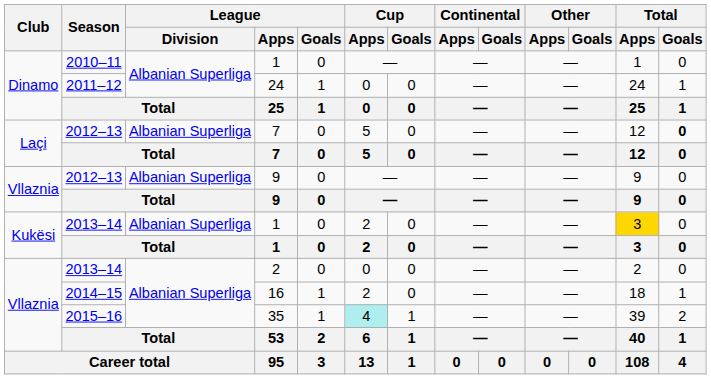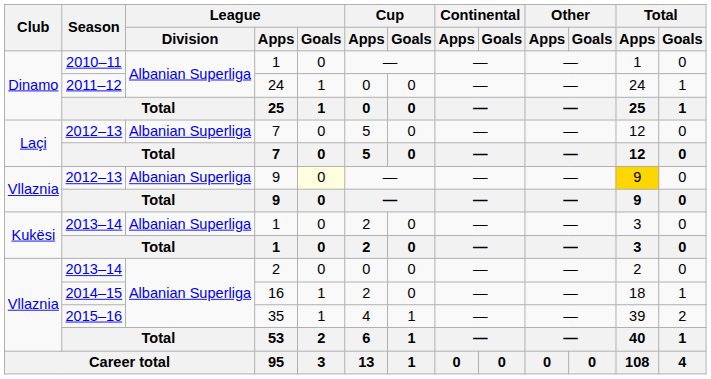 <table class="wikitable" style="text-align:center">
 <tr>
 <th rowspan="2">Club</th>
 <th rowspan="2">Season</th>
 <th colspan="3">League</th>
 <th colspan="2">Cup</th>
 <th colspan="2">Continental</th>
 <th colspan="2">Other</th>
 <th colspan="2">Total</th>
 </tr>
 <tr>
 <th>Division</th>
 <th>Apps</th>
 <th>Goals</th>
 <th>Apps</th>
 <th>Goals</th>
 <th>Apps</th>
 <th>Goals</th>
 <th>Apps</th>
 <th>Goals</th>
 <th>Apps</th>
 <th>Goals</th>
 </tr>
 <tr>
 <td rowspan="3"><a href='#'>Dinamo</a></td>
 <td><a href='#'>2010–11</a></td>
 <td rowspan="2"><a href='#'>Albanian Superliga</a></td>
 <td>1</td>
 <td>0</td>
 <td colspan="2">—</td>
 <td colspan="2">—</td>
 <td colspan="2">—</td>
 <td>1</td>
 <td>0</td>
 </tr>
 <tr>
 <td><a href='#'>2011–12</a></td>
 <td>24</td>
 <td>1</td>
 <td>0</td>
 <td>0</td>
 <td colspan="2">—</td>
 <td colspan="2">—</td>
 <td>24</td>
 <td>1</td>
 </tr>
 <tr>
 <th colspan="2">Total</th>
 <th>25</th>
 <th>1</th>
 <th>0</th>
 <th>0</th>
 <th colspan="2">—</th>
 <th colspan="2">—</th>
 <th>25</th>
 <th>1</th>
 </tr>
 <tr>
 <td rowspan="2"><a href='#'>Laçi</a></td>
 <td><a href='#'>2012–13</a></td>
 <td rowspan="1"><a href='#'>Albanian Superliga</a></td>
 <td>7</td>
 <td>0</td>
 <td>5</td>
 <td>0</td>
 <td colspan="2">—</td>
 <td colspan="2">—</td>
 <td>12</td>
-<td><strong>0</strong></td>
+<td>0</td>
 </tr>
 <tr>
 <th colspan="2">Total</th>
 <th>7</th>
 <th>0</th>
 <th>5</th>
 <th>0</th>
 <th colspan="2">—</th>
 <th colspan="2">—</th>
 <th>12</th>
 <th>0</th>
 </tr>
 <tr>
 <td rowspan="2"><a href='#'>Vllaznia</a></td>
 <td><a href='#'>2012–13</a></td>
 <td rowspan="1"><a href='#'>Albanian Superliga</a></td>
 <td>9</td>
-<td>0</td>
+<td style="background: lightyellow;">0</td>
 <td colspan="2">—</td>
 <td colspan="2">—</td>
 <td colspan="2">—</td>
-<td>9</td>
+<td style="background: gold;">9</td>
 <td>0</td>
 </tr>
 <tr>
 <th colspan="2">Total</th>
 <th>9</th>
 <th>0</th>
 <th colspan="2">—</th>
 <th colspan="2">—</th>
 <th colspan="2">—</th>
 <th>9</th>
 <th>0</th>
 </tr>
 <tr>
 <td rowspan="2"><a href='#'>Kukësi</a></td>
 <td><a href='#'>2013–14</a></td>
 <td rowspan="1"><a href='#'>Albanian Superliga</a></td>
 <td>1</td>
 <td>0</td>
 <td>2</td>
 <td>0</td>
 <td colspan="2">—</td>
 <td colspan="2">—</td>
-<td style="background: gold;">3</td>
+<td>3</td>
 <td>0</td>
 </tr>
 <tr>
 <th colspan="2">Total</th>
 <th>1</th>
 <th>0</th>
 <th>2</th>
 <th>0</th>
 <th colspan="2">—</th>
 <th colspan="2">—</th>
 <th>3</th>
 <th>0</th>
 </tr>
 <tr>
 <td rowspan="4"><a href='#'>Vllaznia</a></td>
 <td><a href='#'>2013–14</a></td>
 <td rowspan="3"><a href='#'>Albanian Superliga</a></td>
 <td>2</td>
 <td>0</td>
 <td>0</td>
 <td>0</td>
 <td colspan="2">—</td>
 <td colspan="2">—</td>
 <td>2</td>
 <td>0</td>
 </tr>
 <tr>
 <td><a href='#'>2014–15</a></td>
 <td>16</td>
 <td>1</td>
 <td>2</td>
 <td>0</td>
 <td colspan="2">—</td>
 <td colspan="2">—</td>
 <td>18</td>
 <td>1</td>
 </tr>
 <tr>
 <td><a href='#'>2015–16</a></td>
 <td>35</td>
 <td>1</td>
-<td style="background: paleturquoise;">4</td>
+<td>4</td>
 <td>1</td>
 <td colspan="2">—</td>
 <td colspan="2">—</td>
 <td>39</td>
 <td>2</td>
 </tr>
 <tr>
 <th colspan="2">Total</th>
 <th>53</th>
 <th>2</th>
 <th>6</th>
 <th>1</th>
 <th colspan="2">—</th>
 <th colspan="2">—</th>
 <th>40</th>
 <th>1</th>
 </tr>
 <tr>
 <th colspan="3">Career total</th>
 <th>95</th>
 <th>3</th>
 <th>13</th>
 <th>1</th>
 <th>0</th>
 <th>0</th>
 <th>0</th>
 <th>0</th>
 <th>108</th>
 <th>4</th>
 </tr>
 </table>
